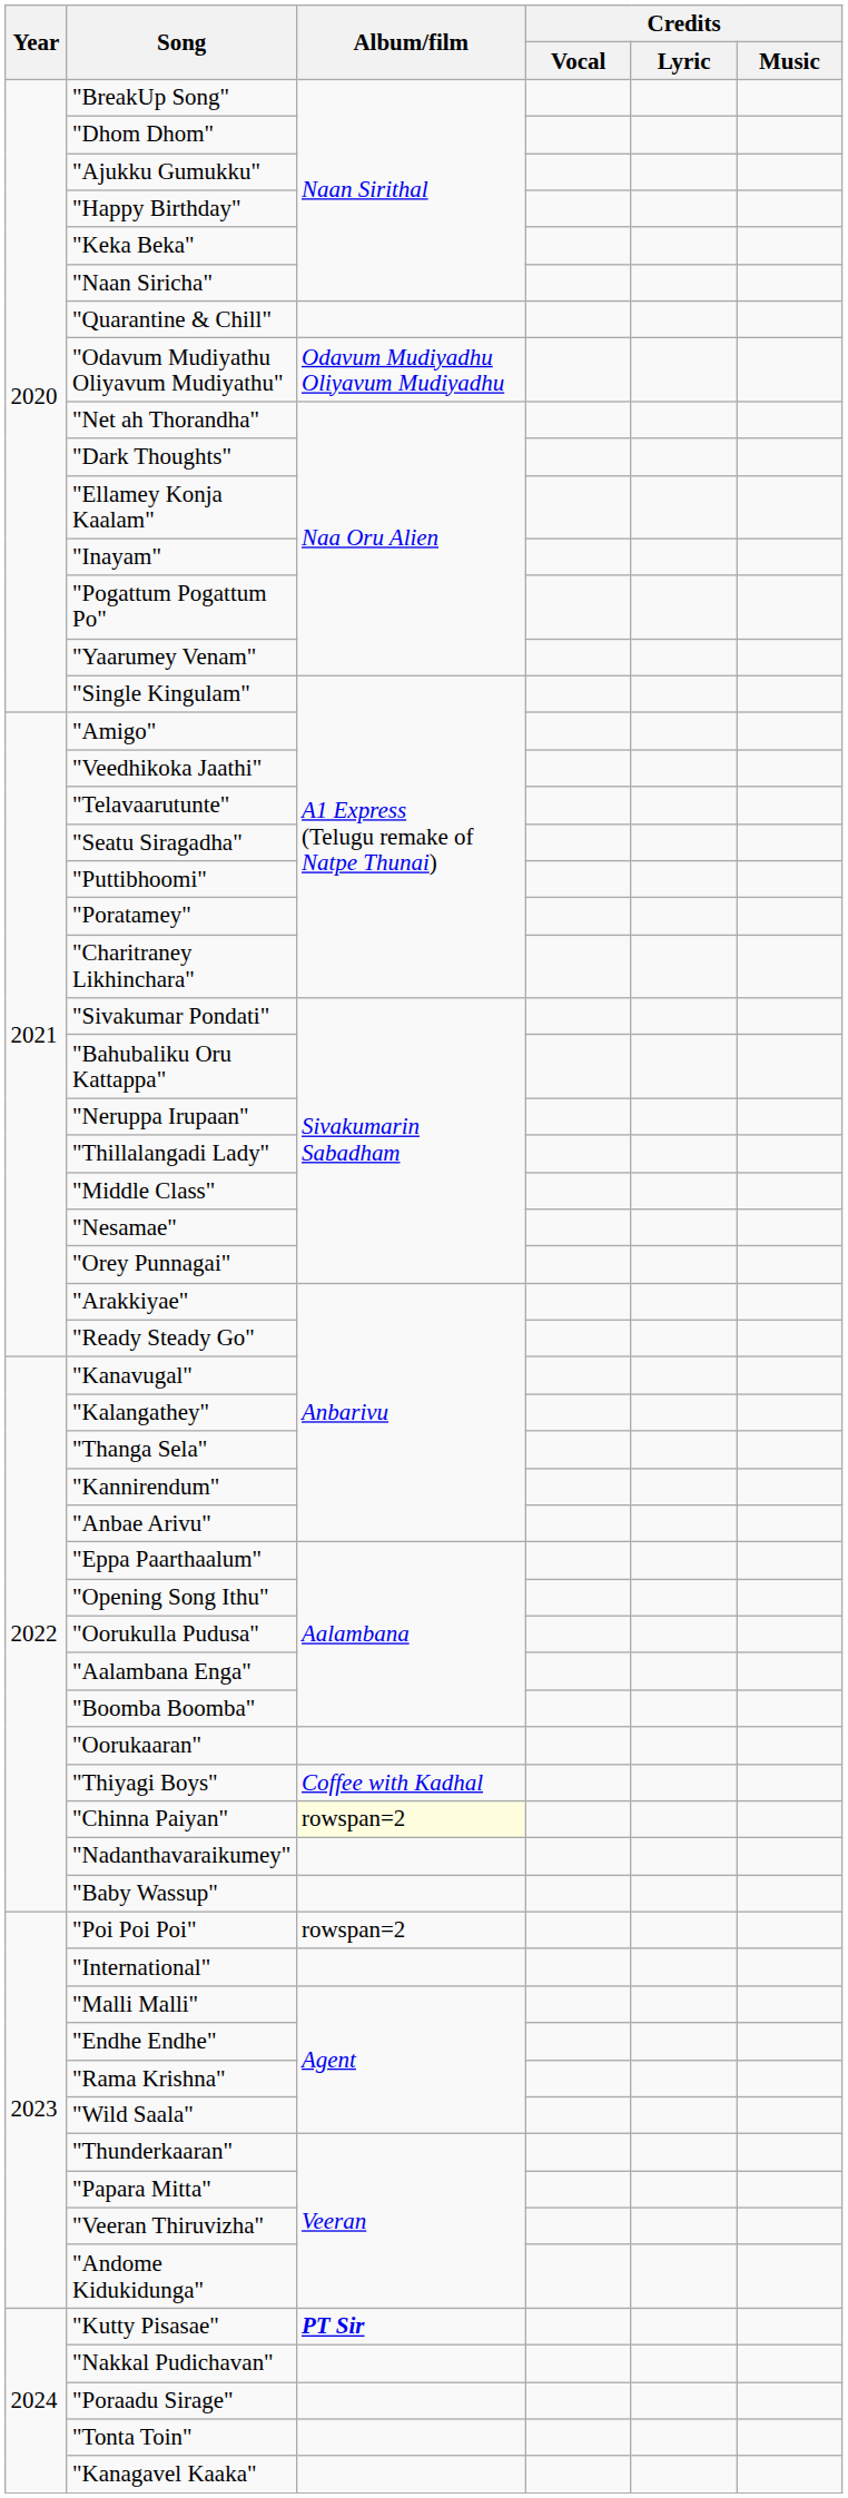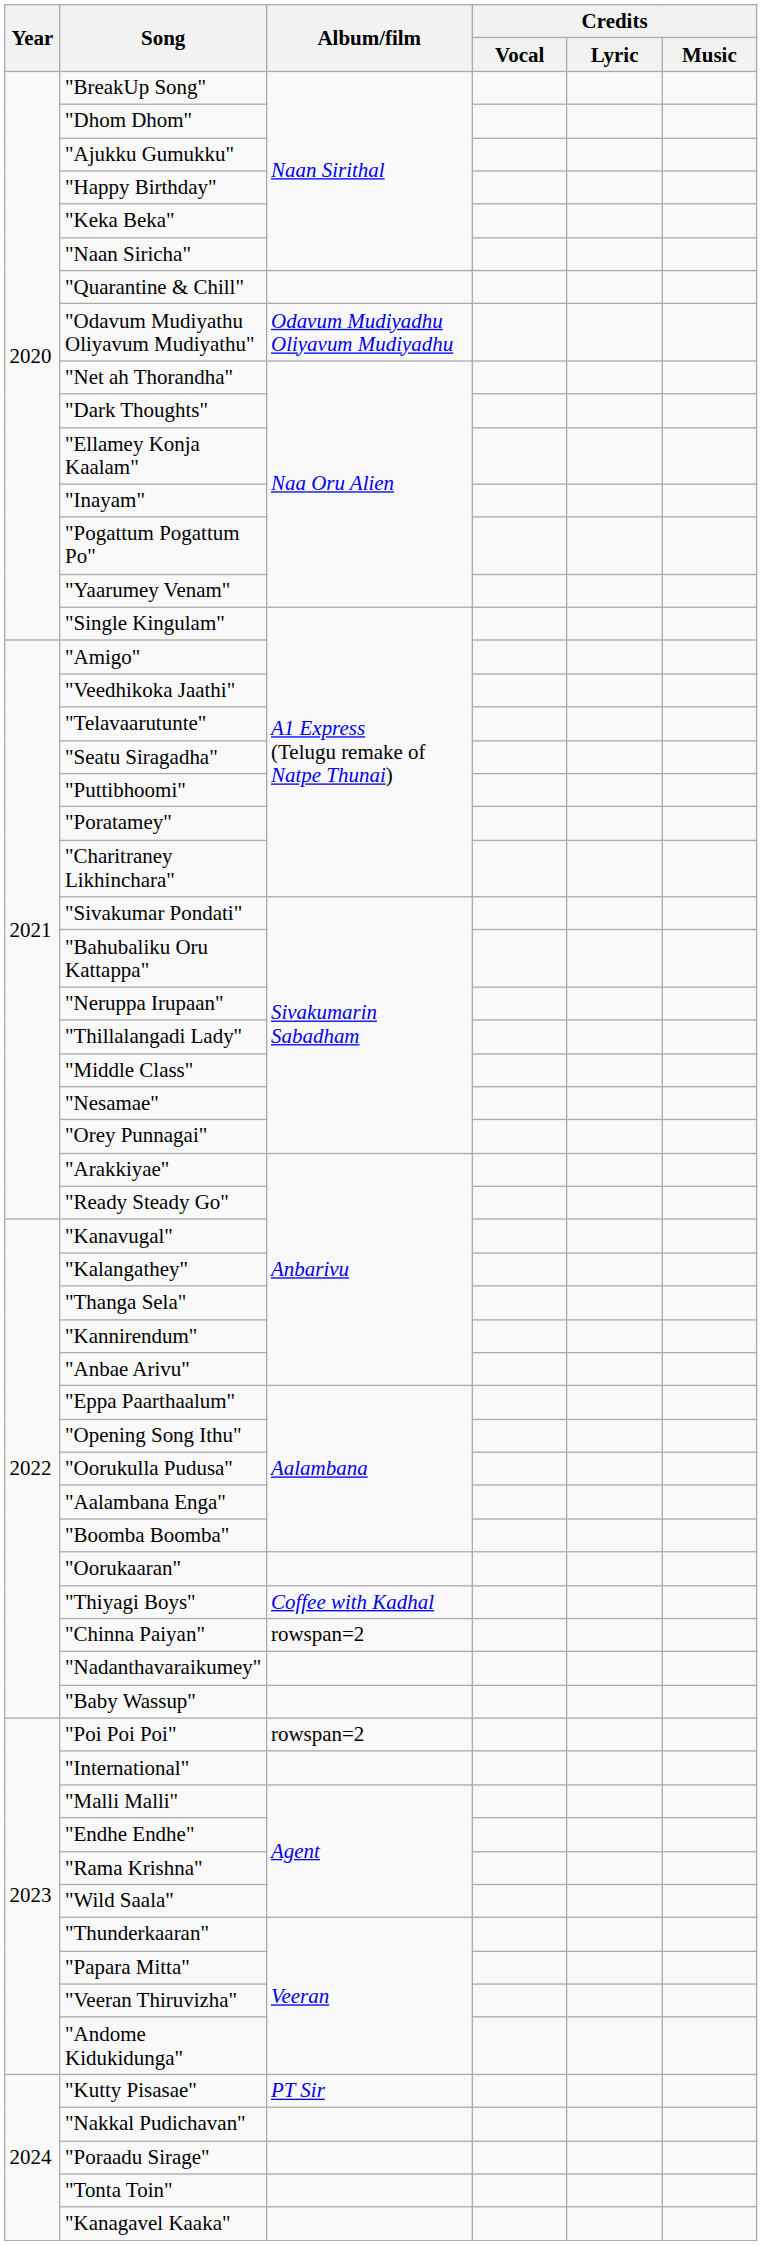 <table class="wikitable sortable">
 <tr>
 <th rowspan="2" style="width:35px;">Year</th>
 <th rowspan="2" style="width:35px;">Song</th>
 <th rowspan="2" style="width:150px;">Album/film</th>
 <th colspan="3" style="width:195px;">Credits</th>
 </tr>
 <tr>
 <th style="width:65px;">Vocal</th>
 <th width=65>Lyric</th>
 <th width=65>Music</th>
 </tr>
 <tr>
 <td rowspan=15>2020</td>
 <td>"BreakUp Song"</td>
 <td rowspan=6><em><a href='#'>Naan Sirithal</a></em></td>
 <td style="text-align:center;"></td>
 <td style="text-align:center;"></td>
 <td style="text-align:center;"></td>
 </tr>
 <tr>
 <td>"Dhom Dhom"</td>
 <td style="text-align:center;"></td>
 <td style="text-align:center;"></td>
 <td style="text-align:center;"></td>
 </tr>
 <tr>
 <td>"Ajukku Gumukku"</td>
 <td style="text-align:center;"></td>
 <td style="text-align:center;"></td>
 <td style="text-align:center;"></td>
 </tr>
 <tr>
 <td>"Happy Birthday"</td>
 <td style="text-align:center;"></td>
 <td style="text-align:center;"></td>
 <td style="text-align:center;"></td>
 </tr>
 <tr>
 <td>"Keka Beka"</td>
 <td style="text-align:center;"></td>
 <td style="text-align:center;"></td>
 <td style="text-align:center;"></td>
 </tr>
 <tr>
 <td>"Naan Siricha"</td>
 <td style="text-align:center;"></td>
 <td style="text-align:center;"></td>
 <td style="text-align:center;"></td>
 </tr>
 <tr>
 <td>"Quarantine & Chill"</td>
 <td></td>
 <td style="text-align:center;"></td>
 <td style="text-align:center;"></td>
 <td style="text-align:center;"></td>
 </tr>
 <tr>
 <td>"Odavum Mudiyathu Oliyavum Mudiyathu"</td>
 <td><em><a href='#'>Odavum Mudiyadhu Oliyavum Mudiyadhu</a></em></td>
 <td style="text-align:center;"></td>
 <td style="text-align:center;"></td>
 <td style="text-align:center;"></td>
 </tr>
 <tr>
 <td>"Net ah Thorandha"</td>
 <td rowspan=6><em><a href='#'>Naa Oru Alien</a></em></td>
 <td style="text-align:center;"></td>
 <td style="text-align:center;"></td>
 <td style="text-align:center;"></td>
 </tr>
 <tr>
 <td>"Dark Thoughts"</td>
 <td style="text-align:center;"></td>
 <td style="text-align:center;"></td>
 <td style="text-align:center;"></td>
 </tr>
 <tr>
 <td>"Ellamey Konja Kaalam"</td>
 <td style="text-align:center;"></td>
 <td style="text-align:center;"></td>
 <td style="text-align:center;"></td>
 </tr>
 <tr>
 <td>"Inayam"</td>
 <td style="text-align:center;"></td>
 <td style="text-align:center;"></td>
 <td style="text-align:center;"></td>
 </tr>
 <tr>
 <td>"Pogattum Pogattum Po"</td>
 <td style="text-align:center;"></td>
 <td style="text-align:center;"></td>
 <td style="text-align:center;"></td>
 </tr>
 <tr>
 <td>"Yaarumey Venam"</td>
 <td style="text-align:center;"></td>
 <td style="text-align:center;"></td>
 <td style="text-align:center;"></td>
 </tr>
 <tr>
 <td>"Single Kingulam"</td>
 <td rowspan=8><em><a href='#'>A1 Express</a></em><br>(Telugu remake of <em><a href='#'>Natpe Thunai</a></em>)</td>
 <td style="text-align:center;"></td>
 <td style="text-align:center;"></td>
 <td style="text-align:center;"></td>
 </tr>
 <tr>
 <td rowspan=16>2021</td>
 <td>"Amigo"</td>
 <td style="text-align:center;"></td>
 <td style="text-align:center;"></td>
 <td style="text-align:center;"></td>
 </tr>
 <tr>
 <td>"Veedhikoka Jaathi"</td>
 <td style="text-align:center;"></td>
 <td style="text-align:center;"></td>
 <td style="text-align:center;"></td>
 </tr>
 <tr>
 <td>"Telavaarutunte"</td>
 <td style="text-align:center;"></td>
 <td style="text-align:center;"></td>
 <td style="text-align:center;"></td>
 </tr>
 <tr>
 <td>"Seatu Siragadha"</td>
 <td style="text-align:center;"></td>
 <td style="text-align:center;"></td>
 <td style="text-align:center;"></td>
 </tr>
 <tr>
 <td>"Puttibhoomi"</td>
 <td style="text-align:center;"></td>
 <td style="text-align:center;"></td>
 <td style="text-align:center;"></td>
 </tr>
 <tr>
 <td>"Poratamey"</td>
 <td style="text-align:center;"></td>
 <td style="text-align:center;"></td>
 <td style="text-align:center;"></td>
 </tr>
 <tr>
 <td>"Charitraney Likhinchara"</td>
 <td style="text-align:center;"></td>
 <td style="text-align:center;"></td>
 <td style="text-align:center;"></td>
 </tr>
 <tr>
 <td>"Sivakumar Pondati"</td>
 <td rowspan=7><em><a href='#'>Sivakumarin Sabadham</a></em></td>
 <td style="text-align:center;"></td>
 <td style="text-align:center;"></td>
 <td style="text-align:center;"></td>
 </tr>
 <tr>
 <td>"Bahubaliku Oru Kattappa"</td>
 <td style="text-align:center;"></td>
 <td style="text-align:center;"></td>
 <td style="text-align:center;"></td>
 </tr>
 <tr>
 <td>"Neruppa Irupaan"</td>
 <td style="text-align:center;"></td>
 <td style="text-align:center;"></td>
 <td style="text-align:center;"></td>
 </tr>
 <tr>
 <td>"Thillalangadi Lady"</td>
 <td style="text-align:center;"></td>
 <td style="text-align:center;"></td>
 <td style="text-align:center;"></td>
 </tr>
 <tr>
 <td>"Middle Class"</td>
 <td style="text-align:center;"></td>
 <td style="text-align:center;"></td>
 <td style="text-align:center;"></td>
 </tr>
 <tr>
 <td>"Nesamae"</td>
 <td style="text-align:center;"></td>
 <td style="text-align:center;"></td>
 <td style="text-align:center;"></td>
 </tr>
 <tr>
 <td>"Orey Punnagai"</td>
 <td style="text-align:center;"></td>
 <td style="text-align:center;"></td>
 <td style="text-align:center;"></td>
 </tr>
 <tr>
 <td>"Arakkiyae"</td>
 <td rowspan=7><em><a href='#'>Anbarivu</a></em></td>
 <td style="text-align:center;"></td>
 <td style="text-align:center;"></td>
 <td style="text-align:center;"></td>
 </tr>
 <tr>
 <td>"Ready Steady Go"</td>
 <td style="text-align:center;"></td>
 <td style="text-align:center;"></td>
 <td style="text-align:center;"></td>
 </tr>
 <tr>
 <td rowspan="15">2022</td>
 <td>"Kanavugal"</td>
 <td style="text-align:center;"></td>
 <td style="text-align:center;"></td>
 <td style="text-align:center;"></td>
 </tr>
 <tr>
 <td>"Kalangathey"</td>
 <td style="text-align:center;"></td>
 <td style="text-align:center;"></td>
 <td style="text-align:center;"></td>
 </tr>
 <tr>
 <td>"Thanga Sela"</td>
 <td style="text-align:center;"></td>
 <td style="text-align:center;"></td>
 <td style="text-align:center;"></td>
 </tr>
 <tr>
 <td>"Kannirendum"</td>
 <td style="text-align:center;"></td>
 <td style="text-align:center;"></td>
 <td style="text-align:center;"></td>
 </tr>
 <tr>
 <td>"Anbae Arivu"</td>
 <td style="text-align:center;"></td>
 <td style="text-align:center;"></td>
 <td style="text-align:center;"></td>
 </tr>
 <tr>
 <td>"Eppa Paarthaalum"</td>
 <td rowspan=5><em><a href='#'>Aalambana</a></em></td>
 <td style="text-align:center;"></td>
 <td style="text-align:center;"></td>
 <td style="text-align:center;"></td>
 </tr>
 <tr>
 <td>"Opening Song Ithu"</td>
 <td style="text-align:center;"></td>
 <td style="text-align:center;"></td>
 <td style="text-align:center;"></td>
 </tr>
 <tr>
 <td>"Oorukulla Pudusa"</td>
 <td style="text-align:center;"></td>
 <td style="text-align:center;"></td>
 <td style="text-align:center;"></td>
 </tr>
 <tr>
 <td>"Aalambana Enga"</td>
 <td style="text-align:center;"></td>
 <td style="text-align:center;"></td>
 <td style="text-align:center;"></td>
 </tr>
 <tr>
 <td>"Boomba Boomba"</td>
 <td style="text-align:center;"></td>
 <td style="text-align:center;"></td>
 <td style="text-align:center;"></td>
 </tr>
 <tr>
 <td>"Oorukaaran"</td>
 <td></td>
 <td style="text-align:center;"></td>
 <td style="text-align:center;"></td>
 <td style="text-align:center;"></td>
 </tr>
 <tr>
 <td>"Thiyagi Boys"</td>
 <td><em><a href='#'>Coffee with Kadhal</a></em></td>
 <td style="text-align:center;"></td>
 <td style="text-align:center;"></td>
 <td style="text-align:center;"></td>
 </tr>
 <tr>
 <td>"Chinna Paiyan"</td>
-<td style="background: lightyellow;">rowspan=2 </td>
+<td>rowspan=2 </td>
 <td style="text-align:center;"></td>
 <td style="text-align:center;"></td>
 <td style="text-align:center;"></td>
 </tr>
 <tr>
 <td>"Nadanthavaraikumey"</td>
 <td style="text-align:center;"></td>
 <td style="text-align:center;"></td>
 <td style="text-align:center;"></td>
 </tr>
 <tr>
 <td>"Baby Wassup"</td>
 <td></td>
 <td style="text-align:center;"></td>
 <td style="text-align:center;"></td>
 <td style="text-align:center;"></td>
 </tr>
 <tr>
 <td rowspan=10>2023</td>
 <td>"Poi Poi Poi"</td>
 <td>rowspan=2 </td>
 <td style="text-align:center;"></td>
 <td style="text-align:center;"></td>
 <td style="text-align:center;"></td>
 </tr>
 <tr>
 <td>"International"</td>
 <td style="text-align:center;"></td>
 <td style="text-align:center;"></td>
 <td style="text-align:center;"></td>
 </tr>
 <tr>
 <td>"Malli Malli"</td>
 <td rowspan=4><em><a href='#'>Agent</a></em></td>
 <td style="text-align:center;"></td>
 <td style="text-align:center;"></td>
 <td style="text-align:center;"></td>
 </tr>
 <tr>
 <td>"Endhe Endhe"</td>
 <td style="text-align:center;"></td>
 <td style="text-align:center;"></td>
 <td style="text-align:center;"></td>
 </tr>
 <tr>
 <td>"Rama Krishna"</td>
 <td style="text-align:center;"></td>
 <td style="text-align:center;"></td>
 <td style="text-align:center;"></td>
 </tr>
 <tr>
 <td>"Wild Saala"</td>
 <td style="text-align:center;"></td>
 <td style="text-align:center;"></td>
 <td style="text-align:center;"></td>
 </tr>
 <tr>
 <td>"Thunderkaaran"</td>
 <td rowspan=4><em><a href='#'>Veeran</a></em></td>
 <td style="text-align:center;"></td>
 <td style="text-align:center;"></td>
 <td style="text-align:center;"></td>
 </tr>
 <tr>
 <td>"Papara Mitta"</td>
 <td style="text-align:center;"></td>
 <td style="text-align:center;"></td>
 <td style="text-align:center;"></td>
 </tr>
 <tr>
 <td>"Veeran Thiruvizha"</td>
 <td style="text-align:center;"></td>
 <td style="text-align:center;"></td>
 <td style="text-align:center;"></td>
 </tr>
 <tr>
 <td>"Andome Kidukidunga"</td>
 <td style="text-align:center;"></td>
 <td style="text-align:center;"></td>
 <td style="text-align:center;"></td>
 </tr>
 <tr>
 <td rowspan=5>2024</td>
 <td>"Kutty Pisasae"</td>
-<td><strong><em><a href='#'>PT Sir</a></em></strong></td>
+<td><em><a href='#'>PT Sir</a></em></td>
 <td style="text-align:center;"></td>
 <td style="text-align:center;"></td>
 <td style="text-align:center;"></td>
 </tr>
 <tr>
 <td>"Nakkal Pudichavan"</td>
 <td style="text-align:center;"></td>
 <td style="text-align:center;"></td>
 <td style="text-align:center;"></td>
 <td></td>
 </tr>
 <tr>
 <td>"Poraadu Sirage"</td>
 <td style="text-align:center;"></td>
 <td style="text-align:center;"></td>
 <td style="text-align:center;"></td>
 <td></td>
 </tr>
 <tr>
 <td>"Tonta Toin"</td>
 <td style="text-align:center;"></td>
 <td style="text-align:center;"></td>
 <td style="text-align:center;"></td>
 <td></td>
 </tr>
 <tr>
 <td>"Kanagavel Kaaka"</td>
 <td style="text-align:center;"></td>
 <td style="text-align:center;"></td>
 <td style="text-align:center;"></td>
 <td></td>
 </tr>
 <tr>
 </tr>
 </table>
